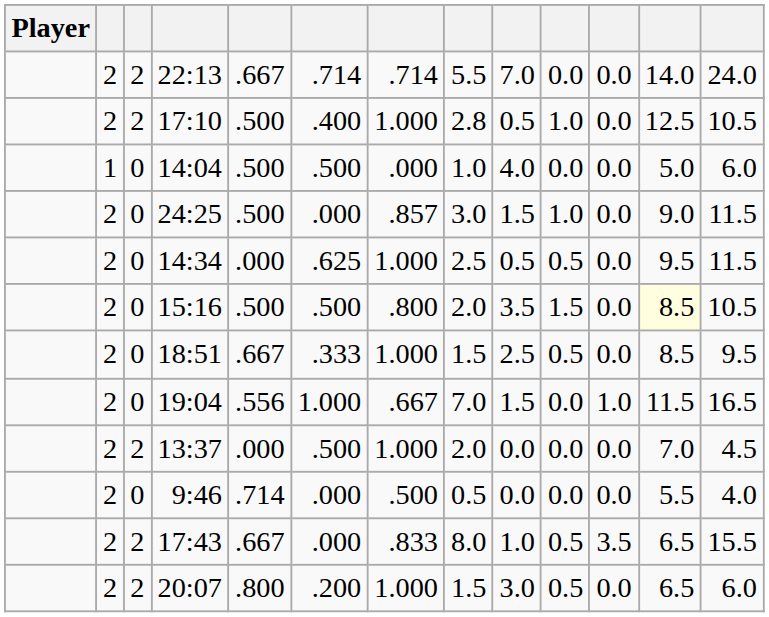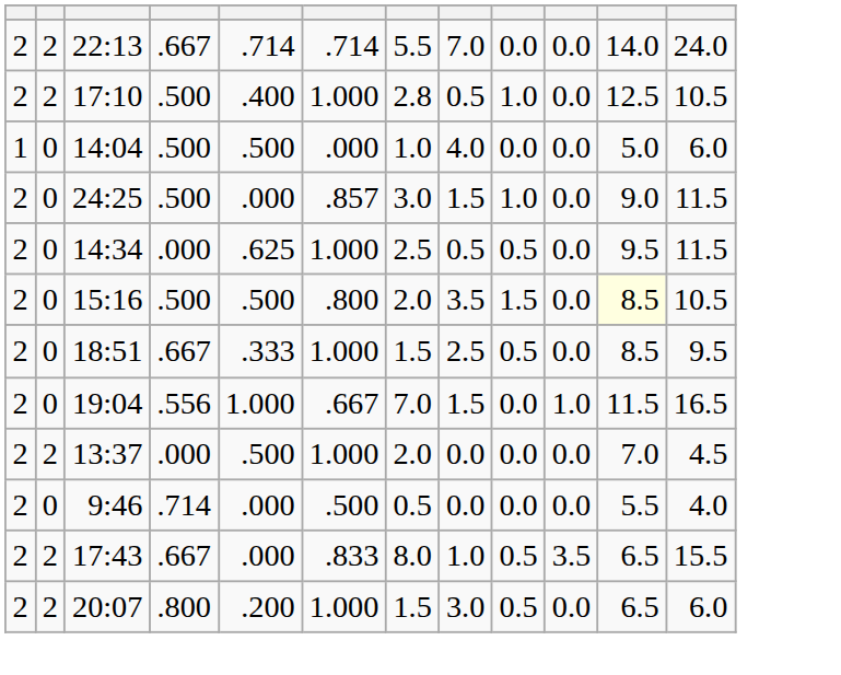 <table class="wikitable sortable" style="font-size:95%; text-align:right;">
 <tr>
-<th>Player</th>
 <th></th>
 <th></th>
 <th></th>
 <th></th>
 <th></th>
 <th></th>
 <th></th>
 <th></th>
 <th></th>
 <th></th>
 <th></th>
 <th></th>
 </tr>
 <tr>
-<td></td>
 <td>2</td>
 <td>2</td>
 <td>22:13</td>
 <td>.667</td>
 <td>.714</td>
 <td>.714</td>
 <td>5.5</td>
 <td>7.0</td>
 <td>0.0</td>
 <td>0.0</td>
 <td>14.0</td>
 <td>24.0</td>
 </tr>
 <tr>
-<td></td>
 <td>2</td>
 <td>2</td>
 <td>17:10</td>
 <td>.500</td>
 <td>.400</td>
 <td>1.000</td>
 <td>2.8</td>
 <td>0.5</td>
 <td>1.0</td>
 <td>0.0</td>
 <td>12.5</td>
 <td>10.5</td>
 </tr>
 <tr>
-<td></td>
 <td>1</td>
 <td>0</td>
 <td>14:04</td>
 <td>.500</td>
 <td>.500</td>
 <td>.000</td>
 <td>1.0</td>
 <td>4.0</td>
 <td>0.0</td>
 <td>0.0</td>
 <td>5.0</td>
 <td>6.0</td>
 </tr>
 <tr>
-<td></td>
 <td>2</td>
 <td>0</td>
 <td>24:25</td>
 <td>.500</td>
 <td>.000</td>
 <td>.857</td>
 <td>3.0</td>
 <td>1.5</td>
 <td>1.0</td>
 <td>0.0</td>
 <td>9.0</td>
 <td>11.5</td>
 </tr>
 <tr>
-<td></td>
 <td>2</td>
 <td>0</td>
 <td>14:34</td>
 <td>.000</td>
 <td>.625</td>
 <td>1.000</td>
 <td>2.5</td>
 <td>0.5</td>
 <td>0.5</td>
 <td>0.0</td>
 <td>9.5</td>
 <td>11.5</td>
 </tr>
 <tr>
-<td></td>
 <td>2</td>
 <td>0</td>
 <td>15:16</td>
 <td>.500</td>
 <td>.500</td>
 <td>.800</td>
 <td>2.0</td>
 <td>3.5</td>
 <td>1.5</td>
 <td>0.0</td>
 <td style="background: lightyellow;">8.5</td>
 <td>10.5</td>
 </tr>
 <tr>
-<td></td>
 <td>2</td>
 <td>0</td>
 <td>18:51</td>
 <td>.667</td>
 <td>.333</td>
 <td>1.000</td>
 <td>1.5</td>
 <td>2.5</td>
 <td>0.5</td>
 <td>0.0</td>
 <td>8.5</td>
 <td>9.5</td>
 </tr>
 <tr>
-<td></td>
 <td>2</td>
 <td>0</td>
 <td>19:04</td>
 <td>.556</td>
 <td>1.000</td>
 <td>.667</td>
 <td>7.0</td>
 <td>1.5</td>
 <td>0.0</td>
 <td>1.0</td>
 <td>11.5</td>
 <td>16.5</td>
 </tr>
 <tr>
-<td></td>
 <td>2</td>
 <td>2</td>
 <td>13:37</td>
 <td>.000</td>
 <td>.500</td>
 <td>1.000</td>
 <td>2.0</td>
 <td>0.0</td>
 <td>0.0</td>
 <td>0.0</td>
 <td>7.0</td>
 <td>4.5</td>
 </tr>
 <tr>
-<td></td>
 <td>2</td>
 <td>0</td>
 <td>9:46</td>
 <td>.714</td>
 <td>.000</td>
 <td>.500</td>
 <td>0.5</td>
 <td>0.0</td>
 <td>0.0</td>
 <td>0.0</td>
 <td>5.5</td>
 <td>4.0</td>
 </tr>
 <tr>
-<td></td>
 <td>2</td>
 <td>2</td>
 <td>17:43</td>
 <td>.667</td>
 <td>.000</td>
 <td>.833</td>
 <td>8.0</td>
 <td>1.0</td>
 <td>0.5</td>
 <td>3.5</td>
 <td>6.5</td>
 <td>15.5</td>
 </tr>
 <tr>
-<td></td>
 <td>2</td>
 <td>2</td>
 <td>20:07</td>
 <td>.800</td>
 <td>.200</td>
 <td>1.000</td>
 <td>1.5</td>
 <td>3.0</td>
 <td>0.5</td>
 <td>0.0</td>
 <td>6.5</td>
 <td>6.0</td>
 </tr>
 </table>
